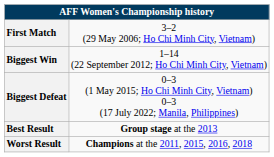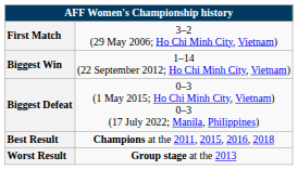 <table class="wikitable" style="text-align: center; font-size:100%">
 <tr>
 <th colspan="6" style="background: #013A5E; color: #FFFFFF;">AFF Women's Championship history</th>
 </tr>
 <tr>
 <th style="text-align: left;">First Match</th>
 <td align=center> 3–2 <br>(29 May 2006; <a href='#'>Ho Chi Minh City</a>, <a href='#'>Vietnam</a>)</td>
 </tr>
 <tr>
 <th style="text-align: left;">Biggest Win</th>
 <td align=center> 1–14 <br>(22 September 2012; <a href='#'>Ho Chi Minh City</a>, <a href='#'>Vietnam</a>)</td>
 </tr>
 <tr>
 <th style="text-align: left;">Biggest Defeat</th>
 <td align=center> 0–3 <br>(1 May 2015; <a href='#'>Ho Chi Minh City</a>, <a href='#'>Vietnam</a>)<br> 0–3 <br>(17 July 2022; <a href='#'>Manila</a>, <a href='#'>Philippines</a>)</td>
 </tr>
 <tr>
 <th style="text-align: left;">Best Result</th>
-<td><strong>Group stage</strong> at the <a href='#'>2013</a></td>
+<td><strong>Champions</strong> at the <a href='#'>2011</a>, <a href='#'>2015</a>, <a href='#'>2016</a>, <a href='#'>2018</a></td>
 </tr>
 <tr>
 <th style="text-align: left;">Worst Result</th>
-<td><strong>Champions</strong> at the <a href='#'>2011</a>, <a href='#'>2015</a>, <a href='#'>2016</a>, <a href='#'>2018</a></td>
+<td><strong>Group stage</strong> at the <a href='#'>2013</a></td>
 </tr>
 </table>
